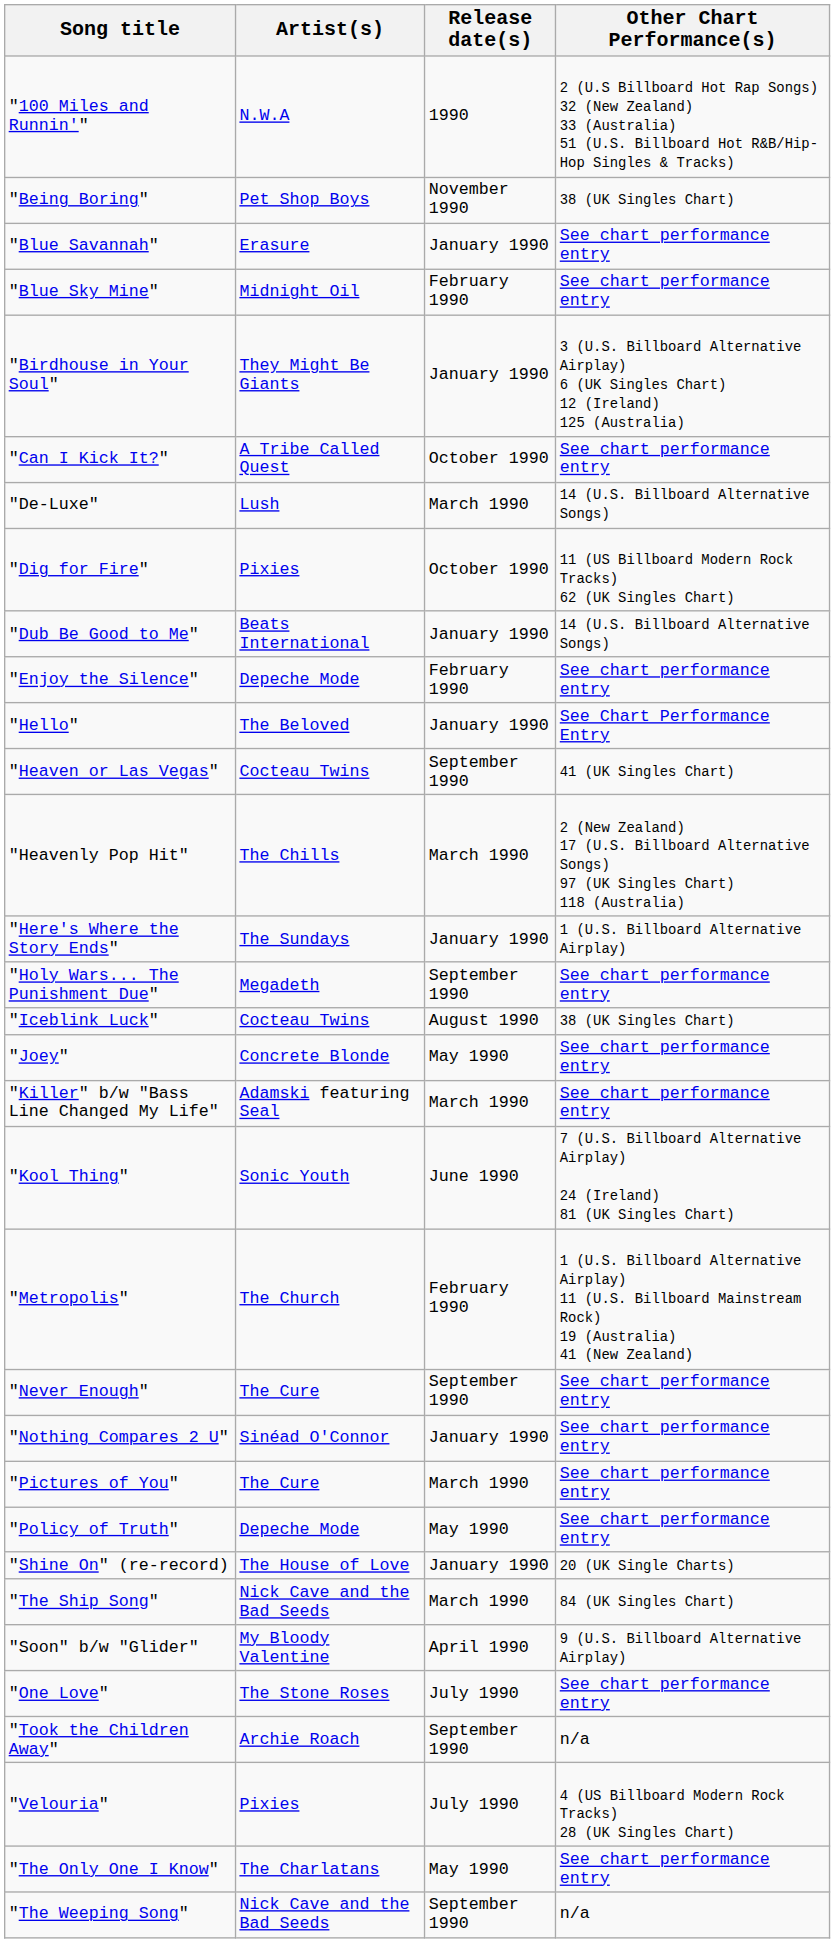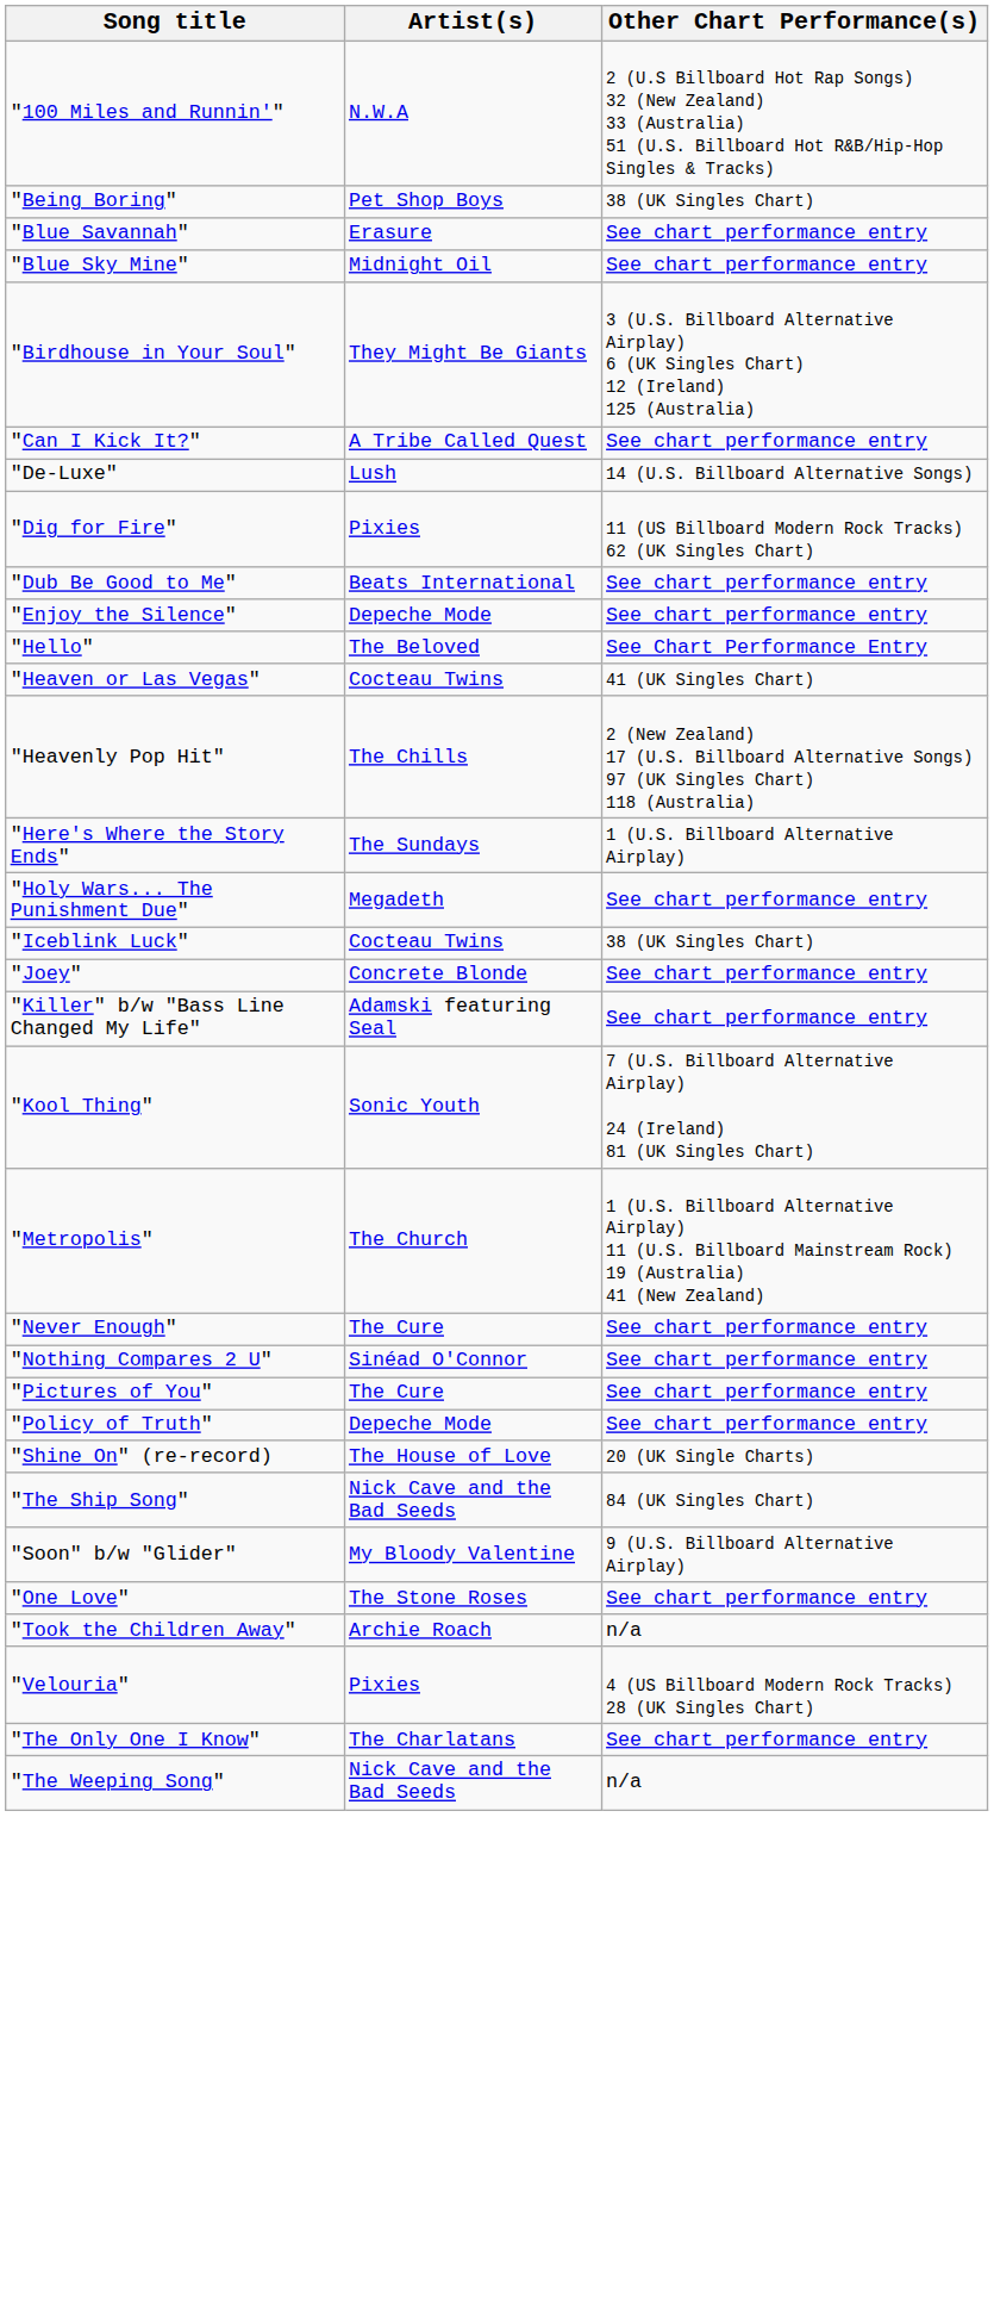 <table class="wikitable sortable" style="font-size:95%;">
 <tr>
 <th><big>Song title</big></th>
 <th><big>Artist(s)</big></th>
-<th><big>Release date(s)</big></th>
 <th><big>Other Chart Performance(s)</big></th>
 </tr>
 <tr>
 <td>"<a href='#'>100 Miles and Runnin'</a>"</td>
 <td><a href='#'>N.W.A</a></td>
-<td>1990</td>
 <td><br><small>2 (U.S Billboard Hot Rap Songs)</small><br> <small>32 (New Zealand)</small><br> <small>33 (Australia)</small><br> <small>51 (U.S. Billboard Hot R&B/Hip-Hop Singles & Tracks)</small><br></td>
 </tr>
 <tr>
 <td>"<a href='#'>Being Boring</a>"</td>
 <td><a href='#'>Pet Shop Boys</a></td>
-<td>November 1990</td>
 <td><small>38 (UK Singles Chart)</small></td>
 </tr>
 <tr>
 <td>"<a href='#'>Blue Savannah</a>"</td>
 <td><a href='#'>Erasure</a></td>
-<td>January 1990</td>
 <td><a href='#'>See chart performance entry</a></td>
 </tr>
 <tr>
 <td>"<a href='#'>Blue Sky Mine</a>"</td>
 <td><a href='#'>Midnight Oil</a></td>
-<td>February 1990</td>
 <td><a href='#'>See chart performance entry</a></td>
 </tr>
 <tr>
 <td>"<a href='#'>Birdhouse in Your Soul</a>"</td>
 <td><a href='#'>They Might Be Giants</a></td>
-<td>January 1990</td>
 <td><br><small>3 (U.S. Billboard Alternative Airplay)</small><br>  <small>6 (UK Singles Chart)</small><br>     <small>12 (Ireland)</small><br>     <small>125 (Australia)</small><br></td>
 </tr>
 <tr>
 <td>"<a href='#'>Can I Kick It?</a>"</td>
 <td><a href='#'>A Tribe Called Quest</a></td>
-<td>October 1990</td>
 <td><a href='#'>See chart performance entry</a></td>
 </tr>
 <tr>
 <td>"De-Luxe"</td>
 <td><a href='#'>Lush</a></td>
-<td>March 1990</td>
 <td><small>14 (U.S. Billboard Alternative Songs)</small></td>
 </tr>
 <tr>
 <td>"<a href='#'>Dig for Fire</a>"</td>
 <td><a href='#'>Pixies</a></td>
-<td>October 1990</td>
 <td><br><small>11 (US Billboard Modern Rock Tracks)</small><br>   <small>62 (UK Singles Chart)</small><br></td>
 </tr>
 <tr>
 <td>"<a href='#'>Dub Be Good to Me</a>"</td>
 <td><a href='#'>Beats International</a></td>
-<td>January 1990</td>
-<td><small>14 (U.S. Billboard Alternative Songs)</small></td>
+<td><a href='#'>See chart performance entry</a></td>
 </tr>
 <tr>
 <td>"<a href='#'>Enjoy the Silence</a>"</td>
 <td><a href='#'>Depeche Mode</a></td>
-<td>February 1990</td>
 <td><a href='#'>See chart performance entry</a></td>
 </tr>
 <tr>
 <td>"<a href='#'>Hello</a>"</td>
 <td data-sort-value="Beloved"><a href='#'>The Beloved</a></td>
-<td>January 1990</td>
 <td><a href='#'>See Chart Performance Entry</a></td>
 </tr>
 <tr>
 <td>"<a href='#'>Heaven or Las Vegas</a>"</td>
 <td><a href='#'>Cocteau Twins</a></td>
-<td>September 1990</td>
 <td><small>41 (UK Singles Chart)</small></td>
 </tr>
 <tr>
 <td>"Heavenly Pop Hit"</td>
 <td data-sort-value="Chills"><a href='#'>The Chills</a></td>
-<td>March 1990</td>
 <td><br><small>2 (New Zealand)</small><br>   <small>17 (U.S. Billboard Alternative Songs)</small><br>   <small>97 (UK Singles Chart)</small><br>   <small>118 (Australia)</small><br></td>
 </tr>
 <tr>
 <td>"<a href='#'>Here's Where the Story Ends</a>"</td>
 <td data-sort-value="Sundays"><a href='#'>The Sundays</a></td>
-<td>January 1990</td>
 <td><small>1 (U.S. Billboard Alternative Airplay)</small></td>
 </tr>
 <tr>
 <td>"<a href='#'>Holy Wars... The Punishment Due</a>"</td>
 <td><a href='#'>Megadeth</a></td>
-<td>September 1990</td>
 <td><a href='#'>See chart performance entry</a></td>
 </tr>
 <tr>
 <td>"<a href='#'>Iceblink Luck</a>"</td>
 <td><a href='#'>Cocteau Twins</a></td>
-<td>August 1990</td>
 <td><small>38 (UK Singles Chart)</small></td>
 </tr>
 <tr>
 <td>"<a href='#'>Joey</a>"</td>
 <td><a href='#'>Concrete Blonde</a></td>
-<td>May 1990</td>
 <td><a href='#'>See chart performance entry</a></td>
 </tr>
 <tr>
 <td>"<a href='#'>Killer</a>" b/w "Bass Line Changed My Life"</td>
 <td><a href='#'>Adamski</a> featuring <a href='#'>Seal</a></td>
-<td>March 1990</td>
 <td><a href='#'>See chart performance entry</a></td>
 </tr>
 <tr>
 <td>"<a href='#'>Kool Thing</a>"</td>
 <td><a href='#'>Sonic Youth</a></td>
-<td>June 1990</td>
 <td><small>7 (U.S. Billboard Alternative Airplay)</small><br><br><small>24 (Ireland)</small><br>  <small>81 (UK Singles Chart)</small><br></td>
 </tr>
 <tr>
 <td>"<a href='#'>Metropolis</a>"</td>
 <td data-sort-value="Church"><a href='#'>The Church</a></td>
-<td>February 1990</td>
 <td><br><small>1 (U.S. Billboard Alternative Airplay)</small><br>  <small>11 (U.S. Billboard Mainstream Rock)</small><br>  <small>19 (Australia)</small><br> <small>41 (New Zealand)</small><br></td>
 </tr>
 <tr>
 <td>"<a href='#'>Never Enough</a>"</td>
 <td><a href='#'>The Cure</a></td>
-<td>September 1990</td>
 <td><a href='#'>See chart performance entry</a></td>
 </tr>
 <tr>
 <td>"<a href='#'>Nothing Compares 2 U</a>"</td>
 <td data-sort-value="O'Connor, Sinead"><a href='#'>Sinéad O'Connor</a></td>
-<td>January 1990</td>
 <td><a href='#'>See chart performance entry</a></td>
 </tr>
 <tr>
 <td>"<a href='#'>Pictures of You</a>"</td>
 <td data-sort-value="Cure"><a href='#'>The Cure</a></td>
-<td>March 1990</td>
 <td><a href='#'>See chart performance entry</a></td>
 </tr>
 <tr>
 <td>"<a href='#'>Policy of Truth</a>"</td>
 <td><a href='#'>Depeche Mode</a></td>
-<td>May 1990</td>
 <td><a href='#'>See chart performance entry</a></td>
 </tr>
 <tr>
 <td>"<a href='#'>Shine On</a>" (re-record)</td>
 <td data-sort-value="House Of Love"><a href='#'>The House of Love</a></td>
-<td>January 1990</td>
 <td><small>20 (UK Single Charts)</small></td>
 </tr>
 <tr>
 <td>"<a href='#'>The Ship Song</a>"</td>
 <td data-sort-value="Cave, Nick"><a href='#'>Nick Cave and the Bad Seeds</a></td>
-<td>March 1990</td>
 <td><small>84 (UK Singles Chart)</small></td>
 </tr>
 <tr>
 <td>"Soon" b/w "Glider"</td>
 <td><a href='#'>My Bloody Valentine</a></td>
-<td>April 1990</td>
 <td><small>9 (U.S. Billboard Alternative Airplay)</small></td>
 </tr>
 <tr>
 <td>"<a href='#'>One Love</a>"</td>
 <td data-sort-value="Stone Roses"><a href='#'>The Stone Roses</a></td>
-<td>July 1990</td>
 <td><a href='#'>See chart performance entry</a></td>
 </tr>
 <tr>
 <td>"<a href='#'>Took the Children Away</a>"</td>
 <td data-sort-value="Roach"><a href='#'>Archie Roach</a></td>
-<td>September 1990</td>
 <td>n/a</td>
 </tr>
 <tr>
 <td>"<a href='#'>Velouria</a>"</td>
 <td><a href='#'>Pixies</a></td>
-<td>July 1990</td>
 <td><br><small>4 (US Billboard Modern Rock Tracks)</small><br> <small>28 (UK Singles Chart)</small><br></td>
 </tr>
 <tr>
 <td>"<a href='#'>The Only One I Know</a>"</td>
 <td data-sort-value="Charlatans"><a href='#'>The Charlatans</a></td>
-<td>May 1990</td>
 <td><a href='#'>See chart performance entry</a></td>
 </tr>
 <tr>
 <td>"<a href='#'>The Weeping Song</a>"</td>
 <td data-sort-value="Cave, Nick"><a href='#'>Nick Cave and the Bad Seeds</a></td>
-<td>September 1990</td>
 <td>n/a</td>
 </tr>
 </table>
